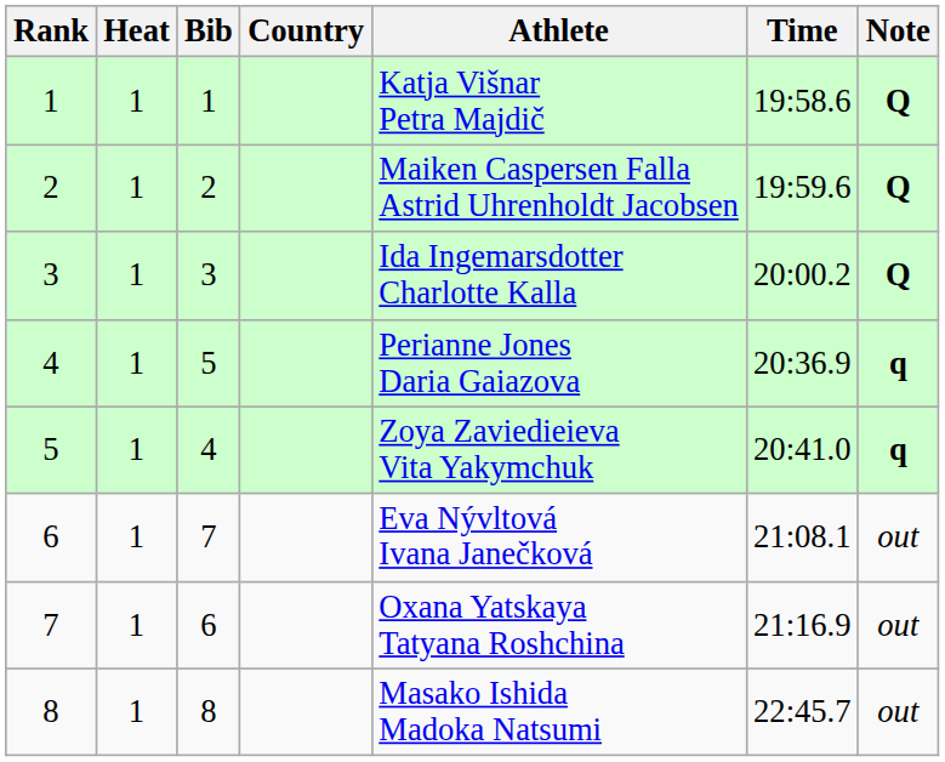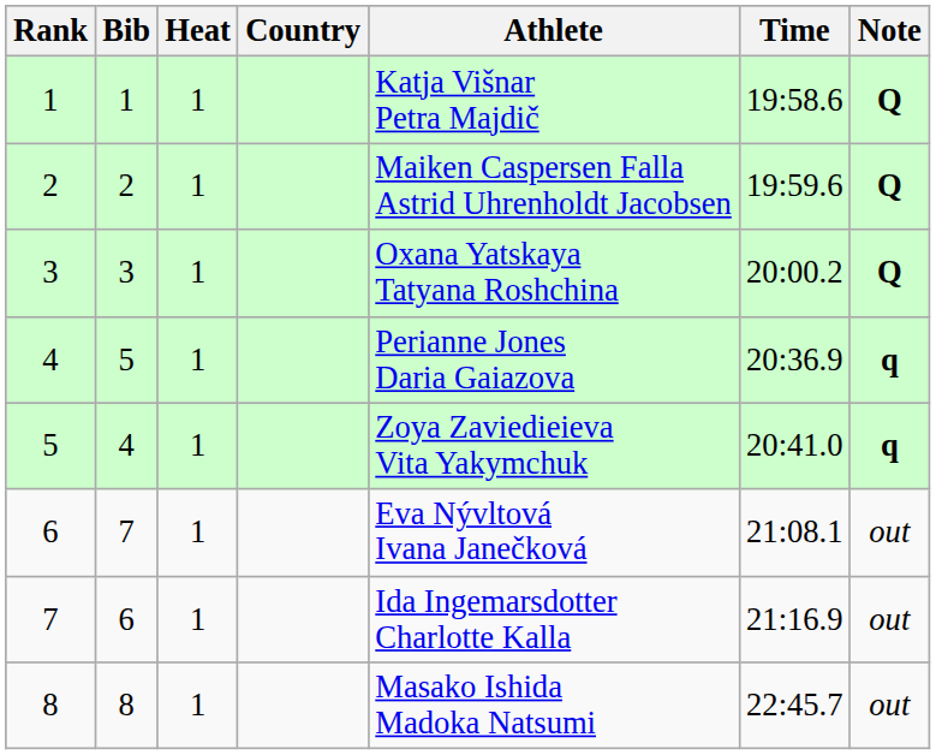 <table class="wikitable sortable" style="text-align:center">
 <tr>
 <th>Rank</th>
+<th>Bib</th>
 <th>Heat</th>
-<th>Bib</th>
 <th>Country</th>
 <th>Athlete</th>
 <th>Time</th>
 <th>Note</th>
 </tr>
 <tr bgcolor=ccffcc>
 <td>1</td>
 <td>1</td>
 <td>1</td>
 <td align="left"></td>
 <td align="left"><a href='#'>Katja Višnar</a><br><a href='#'>Petra Majdič</a></td>
 <td>19:58.6</td>
 <td><strong>Q</strong></td>
 </tr>
 <tr bgcolor=ccffcc>
 <td>2</td>
+<td>2</td>
 <td>1</td>
-<td>2</td>
 <td align="left"></td>
 <td align="left"><a href='#'>Maiken Caspersen Falla</a><br><a href='#'>Astrid Uhrenholdt Jacobsen</a></td>
 <td>19:59.6</td>
 <td><strong>Q</strong></td>
 </tr>
 <tr bgcolor=ccffcc>
 <td>3</td>
+<td>3</td>
 <td>1</td>
-<td>3</td>
 <td align="left"></td>
-<td align="left"><a href='#'>Ida Ingemarsdotter</a><br><a href='#'>Charlotte Kalla</a></td>
+<td align="left"><a href='#'>Oxana Yatskaya</a><br><a href='#'>Tatyana Roshchina</a></td>
 <td>20:00.2</td>
 <td><strong>Q</strong></td>
 </tr>
 <tr bgcolor=ccffcc>
 <td>4</td>
+<td>5</td>
 <td>1</td>
-<td>5</td>
 <td align="left"></td>
 <td align="left"><a href='#'>Perianne Jones</a><br><a href='#'>Daria Gaiazova</a></td>
 <td>20:36.9</td>
 <td><strong>q</strong></td>
 </tr>
 <tr bgcolor=ccffcc>
 <td>5</td>
+<td>4</td>
 <td>1</td>
-<td>4</td>
 <td align="left"></td>
 <td align="left"><a href='#'>Zoya Zaviedieieva</a><br><a href='#'>Vita Yakymchuk</a></td>
 <td>20:41.0</td>
 <td><strong>q</strong></td>
 </tr>
 <tr>
 <td>6</td>
+<td>7</td>
 <td>1</td>
-<td>7</td>
 <td align="left"></td>
 <td align="left"><a href='#'>Eva Nývltová</a><br><a href='#'>Ivana Janečková</a></td>
 <td>21:08.1</td>
 <td><em>out</em></td>
 </tr>
 <tr>
 <td>7</td>
+<td>6</td>
 <td>1</td>
-<td>6</td>
 <td align="left"></td>
-<td align="left"><a href='#'>Oxana Yatskaya</a><br><a href='#'>Tatyana Roshchina</a></td>
+<td align="left"><a href='#'>Ida Ingemarsdotter</a><br><a href='#'>Charlotte Kalla</a></td>
 <td>21:16.9</td>
 <td><em>out</em></td>
 </tr>
 <tr>
 <td>8</td>
+<td>8</td>
 <td>1</td>
-<td>8</td>
 <td align="left"></td>
 <td align="left"><a href='#'>Masako Ishida</a><br><a href='#'>Madoka Natsumi</a></td>
 <td>22:45.7</td>
 <td><em>out</em></td>
 </tr>
 </table>
